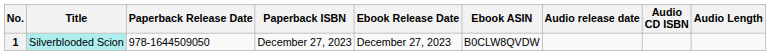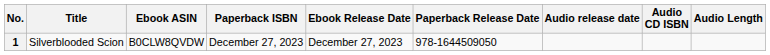 <table class="wikitable">
 <tr>
 <th>No.</th>
 <th>Title</th>
-<th>Paperback Release Date</th>
+<th>Ebook ASIN</th>
 <th>Paperback ISBN</th>
 <th>Ebook Release Date</th>
-<th>Ebook ASIN</th>
+<th>Paperback Release Date</th>
 <th>Audio release date</th>
 <th>Audio<br>CD ISBN</th>
 <th>Audio Length</th>
 </tr>
 <tr>
 <th>1</th>
-<td style="background: paleturquoise;">Silverblooded Scion</td>
-<td>978-1644509050</td>
+<td>Silverblooded Scion</td>
+<td>B0CLW8QVDW</td>
 <td>December 27, 2023</td>
 <td>December 27, 2023</td>
-<td>B0CLW8QVDW</td>
+<td>978-1644509050</td>
 <td></td>
 <td></td>
 <td></td>
 </tr>
 </table>
